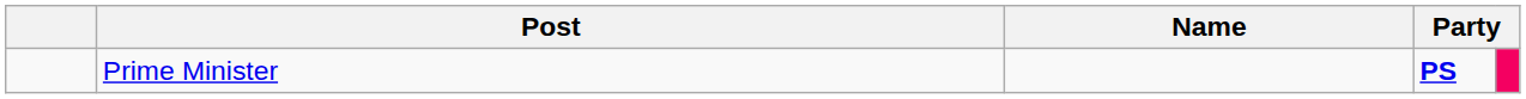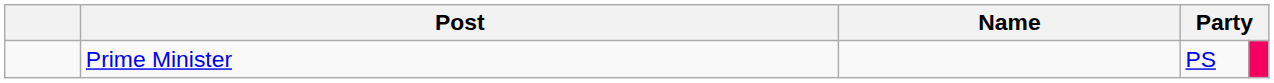 <table class="wikitable sortable" style="width:70%;">
 <tr>
 <th class="unsortable"></th>
 <th width=60%>Post</th>
 <th width=27%>Name</th>
 <th colspan="2" width="7%">Party</th>
 </tr>
 <tr>
 <td></td>
 <td><a href='#'>Prime Minister</a></td>
 <td></td>
-<td><strong><a href='#'>PS</a></strong></td>
+<td><a href='#'>PS</a></td>
 <td style="width:1px;; background:#F40061;"></td>
 </tr>
 </table>
